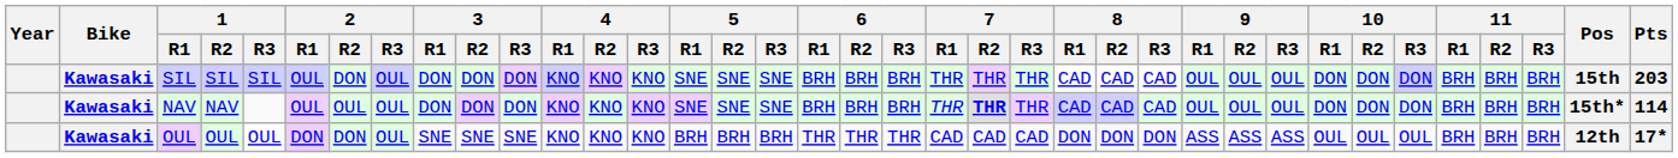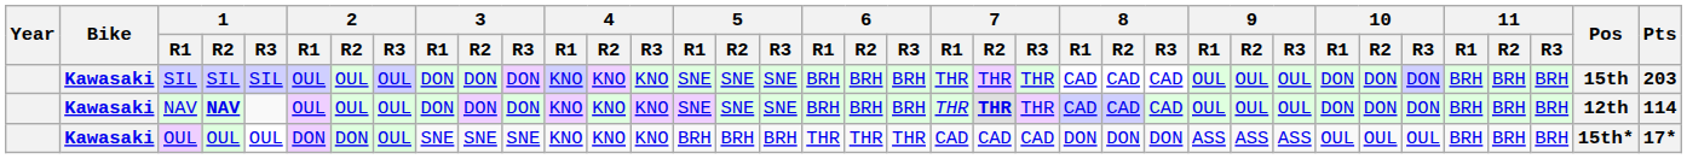 <table class="wikitable" style="text-align:center; font-size:85%;">
 <tr>
 <th rowspan="2">Year</th>
 <th rowspan="2">Bike</th>
 <th colspan="3">1</th>
 <th colspan="3">2</th>
 <th colspan="3">3</th>
 <th colspan="3">4</th>
 <th colspan="3">5</th>
 <th colspan="3">6</th>
 <th colspan="3">7</th>
 <th colspan="3">8</th>
 <th colspan="3">9</th>
 <th colspan="3">10</th>
 <th colspan="3">11</th>
 <th rowspan="2">Pos</th>
 <th rowspan="2">Pts</th>
 </tr>
 <tr>
 <th>R1</th>
 <th>R2</th>
 <th>R3</th>
 <th>R1</th>
 <th>R2</th>
 <th>R3</th>
 <th>R1</th>
 <th>R2</th>
 <th>R3</th>
 <th>R1</th>
 <th>R2</th>
 <th>R3</th>
 <th>R1</th>
 <th>R2</th>
 <th>R3</th>
 <th>R1</th>
 <th>R2</th>
 <th>R3</th>
 <th>R1</th>
 <th>R2</th>
 <th>R3</th>
 <th>R1</th>
 <th>R2</th>
 <th>R3</th>
 <th>R1</th>
 <th>R2</th>
 <th>R3</th>
 <th>R1</th>
 <th>R2</th>
 <th>R3</th>
 <th>R1</th>
 <th>R2</th>
 <th>R3</th>
 </tr>
 <tr>
 <th></th>
 <th><a href='#'>Kawasaki</a></th>
 <td style="background:#CFCFFF;"><a href='#'>SIL</a><br></td>
 <td style="background:#CFCFFF;"><a href='#'>SIL</a><br></td>
 <td style="background:#CFCFFF;"><a href='#'>SIL</a><br></td>
 <td style="background:#CFCFFF;"><a href='#'>OUL</a><br></td>
-<td style="background:#DFFFDF;"><a href='#'>DON</a><br></td>
+<td style="background:#DFFFDF;"><a href='#'>OUL</a><br></td>
 <td style="background:#CFCFFF;"><a href='#'>OUL</a><br></td>
 <td style="background:#DFFFDF;"><a href='#'>DON</a><br></td>
 <td style="background:#DFFFDF;"><a href='#'>DON</a><br></td>
 <td style="background:#EFCFFF;"><a href='#'>DON</a><br></td>
 <td style="background:#CFCFFF;"><a href='#'>KNO</a><br></td>
 <td style="background:#EFCFFF;"><a href='#'>KNO</a><br></td>
 <td style="background:#DFFFDF;"><a href='#'>KNO</a><br></td>
 <td style="background:#DFFFDF;"><a href='#'>SNE</a><br></td>
 <td style="background:#DFFFDF;"><a href='#'>SNE</a><br></td>
 <td style="background:#DFFFDF;"><a href='#'>SNE</a><br></td>
 <td style="background:#DFFFDF;"><a href='#'>BRH</a><br></td>
 <td style="background:#DFFFDF;"><a href='#'>BRH</a><br></td>
 <td style="background:#DFFFDF;"><a href='#'>BRH</a><br></td>
 <td style="background:#DFFFDF;"><a href='#'>THR</a><br></td>
 <td style="background:#EFCFFF;"><a href='#'>THR</a><br></td>
 <td style="background:#DFFFDF;"><a href='#'>THR</a><br></td>
 <td style="background:#FFFFFF;"><a href='#'>CAD</a><br></td>
 <td style="background:#FFFFFF;"><a href='#'>CAD</a><br></td>
 <td style="background:#FFFFFF;"><a href='#'>CAD</a><br></td>
 <td style="background:#DFFFDF;"><a href='#'>OUL</a><br></td>
 <td style="background:#DFFFDF;"><a href='#'>OUL</a><br></td>
 <td style="background:#DFFFDF;"><a href='#'>OUL</a><br></td>
 <td style="background:#DFFFDF;"><a href='#'>DON</a><br></td>
 <td style="background:#DFFFDF;"><a href='#'>DON</a><br></td>
 <td style="background:#CFCFFF;"><a href='#'>DON</a><br></td>
 <td style="background:#DFFFDF;"><a href='#'>BRH</a><br></td>
 <td style="background:#DFFFDF;"><a href='#'>BRH</a><br></td>
 <td style="background:#DFFFDF;"><a href='#'>BRH</a><br></td>
 <th>15th</th>
 <th>203</th>
 </tr>
 <tr>
 <th></th>
 <th><a href='#'>Kawasaki</a></th>
 <td style="background:#DFFFDF;"><a href='#'>NAV</a><br></td>
-<td style="background:#DFFFDF;"><a href='#'>NAV</a><br></td>
+<td style="background:#DFFFDF;"><strong><a href='#'>NAV</a><br></strong></td>
 <td></td>
 <td style="background:#EFCFFF;"><a href='#'>OUL</a><br></td>
 <td style="background:#DFFFDF;"><a href='#'>OUL</a><br></td>
 <td style="background:#DFFFDF;"><a href='#'>OUL</a><br></td>
 <td style="background:#DFFFDF;"><a href='#'>DON</a><br></td>
 <td style="background:#EFCFFF;"><a href='#'>DON</a><br></td>
 <td style="background:#DFFFDF;"><a href='#'>DON</a><br></td>
 <td style="background:#EFCFFF;"><a href='#'>KNO</a><br></td>
 <td style="background:#DFFFDF;"><a href='#'>KNO</a><br></td>
 <td style="background:#EFCFFF;"><a href='#'>KNO</a><br></td>
 <td style="background:#EFCFFF;"><a href='#'>SNE</a><br></td>
 <td style="background:#DFFFDF;"><a href='#'>SNE</a><br></td>
 <td style="background:#DFFFDF;"><a href='#'>SNE</a><br></td>
 <td style="background:#DFFFDF;"><a href='#'>BRH</a><br></td>
 <td style="background:#DFFFDF;"><a href='#'>BRH</a><br></td>
 <td style="background:#DFFFDF;"><a href='#'>BRH</a><br></td>
 <td style="background:#DFFFDF;"><em><a href='#'>THR</a></em><br></td>
 <td style="background:#DFDFDF;"><strong><a href='#'>THR</a></strong><br></td>
 <td style="background:#EFCFFF;"><a href='#'>THR</a><br></td>
 <td style="background:#CFCFFF;"><a href='#'>CAD</a><br></td>
 <td style="background:#CFCFFF;"><a href='#'>CAD</a><br></td>
 <td style="background:#DFFFDF;"><a href='#'>CAD</a><br></td>
 <td style="background:#DFFFDF;"><a href='#'>OUL</a><br></td>
 <td style="background:#DFFFDF;"><a href='#'>OUL</a><br></td>
 <td style="background:#DFFFDF;"><a href='#'>OUL</a><br></td>
 <td style="background:#DFFFDF;"><a href='#'>DON</a><br></td>
 <td style="background:#DFFFDF;"><a href='#'>DON</a><br></td>
 <td style="background:#DFFFDF;"><a href='#'>DON</a><br></td>
 <td style="background:#DFFFDF;"><a href='#'>BRH</a><br></td>
 <td style="background:#DFFFDF;"><a href='#'>BRH</a><br></td>
 <td style="background:#DFFFDF;"><a href='#'>BRH</a><br></td>
-<th>15th*</th>
+<th>12th</th>
 <th>114</th>
 </tr>
 <tr>
 <th></th>
 <th><a href='#'>Kawasaki</a></th>
 <td style="background:#EFCFFF;"><a href='#'>OUL</a><br></td>
 <td style="background:#DFFFDF;"><a href='#'>OUL</a><br></td>
 <td style="background:#FFFFFF;"><a href='#'>OUL</a><br></td>
 <td style="background:#EFCFFF;"><a href='#'>DON</a><br></td>
 <td style="background:#DFFFDF;"><a href='#'>DON</a><br></td>
 <td style="background:#DFFFDF;"><a href='#'>OUL</a><br></td>
 <td style="background:#;"><a href='#'>SNE</a><br></td>
 <td style="background:#;"><a href='#'>SNE</a><br></td>
 <td style="background:#;"><a href='#'>SNE</a><br></td>
 <td style="background:#;"><a href='#'>KNO</a><br></td>
 <td style="background:#;"><a href='#'>KNO</a><br></td>
 <td style="background:#;"><a href='#'>KNO</a><br></td>
 <td style="background:#;"><a href='#'>BRH</a><br></td>
 <td style="background:#;"><a href='#'>BRH</a><br></td>
 <td style="background:#;"><a href='#'>BRH</a><br></td>
 <td style="background:#;"><a href='#'>THR</a><br></td>
 <td style="background:#;"><a href='#'>THR</a><br></td>
 <td style="background:#;"><a href='#'>THR</a><br></td>
 <td style="background:#;"><a href='#'>CAD</a><br></td>
 <td style="background:#;"><a href='#'>CAD</a><br></td>
 <td style="background:#;"><a href='#'>CAD</a><br></td>
 <td style="background:#;"><a href='#'>DON</a><br></td>
 <td style="background:#;"><a href='#'>DON</a><br></td>
 <td style="background:#;"><a href='#'>DON</a><br></td>
 <td style="background:#;"><a href='#'>ASS</a><br></td>
 <td style="background:#;"><a href='#'>ASS</a><br></td>
 <td style="background:#;"><a href='#'>ASS</a><br></td>
 <td style="background:#;"><a href='#'>OUL</a><br></td>
 <td style="background:#;"><a href='#'>OUL</a><br></td>
 <td style="background:#;"><a href='#'>OUL</a><br></td>
 <td style="background:#;"><a href='#'>BRH</a><br></td>
 <td style="background:#;"><a href='#'>BRH</a><br></td>
 <td style="background:#;"><a href='#'>BRH</a><br></td>
-<th>12th</th>
+<th>15th*</th>
 <th>17*</th>
 </tr>
 </table>
